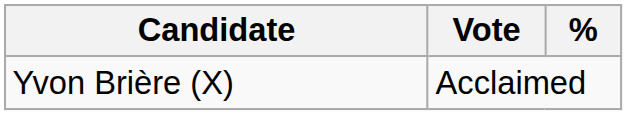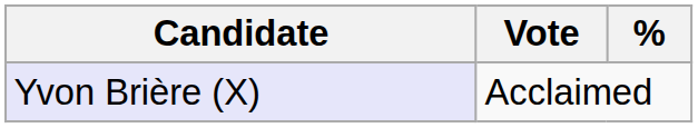 <table class="wikitable">
 <tr>
 <th bgcolor="#DDDDFF" width="200px">Candidate</th>
 <th bgcolor="#DDDDFF" width="50px">Vote</th>
 <th bgcolor="#DDDDFF" width="30px">%</th>
 </tr>
 <tr>
-<td>Yvon Brière (X)</td>
+<td style="background: lavender;">Yvon Brière (X)</td>
 <td colspan="2">Acclaimed</td>
 </tr>
 </table>
